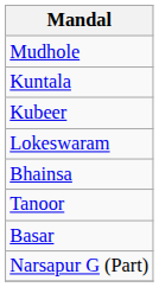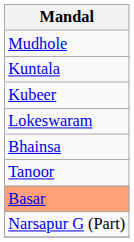 <table class="wikitable static-row-numbers static-row-header-hash">
 <tr>
 <th>Mandal</th>
 </tr>
 <tr>
 <td><a href='#'>Mudhole</a></td>
 </tr>
 <tr>
 <td><a href='#'>Kuntala</a></td>
 </tr>
 <tr>
 <td><a href='#'>Kubeer</a></td>
 </tr>
 <tr>
 <td><a href='#'>Lokeswaram</a></td>
 </tr>
 <tr>
 <td><a href='#'>Bhainsa</a></td>
 </tr>
 <tr>
 <td><a href='#'>Tanoor</a></td>
 </tr>
 <tr>
-<td><a href='#'>Basar</a></td>
+<td style="background: lightsalmon;"><a href='#'>Basar</a></td>
 </tr>
 <tr>
 <td><a href='#'>Narsapur G</a> (Part)</td>
 </tr>
 <tr>
 </tr>
 </table>
